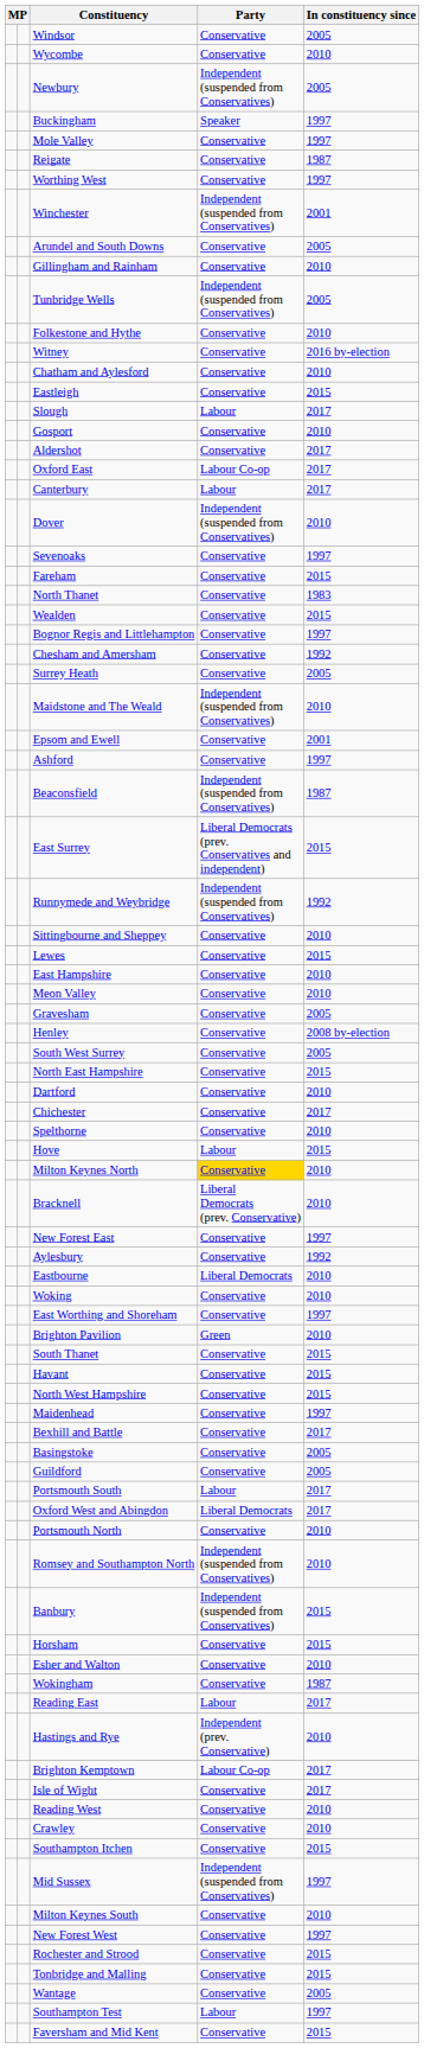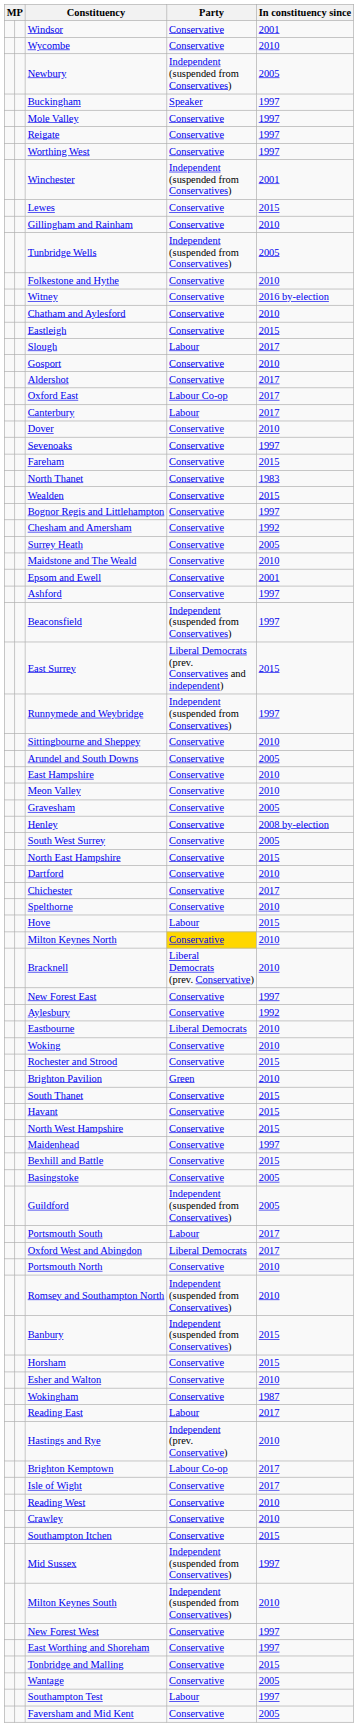 <table class="wikitable sortable">
 <tr>
 <th colspan=2>MP</th>
 <th>Constituency</th>
 <th>Party</th>
 <th>In constituency since</th>
 </tr>
 <tr>
 <td style="background-color: "></td>
 <td></td>
 <td><a href='#'>Windsor</a></td>
 <td><a href='#'>Conservative</a></td>
-<td><a href='#'>2005</a></td>
+<td><a href='#'>2001</a></td>
 </tr>
 <tr>
 <td style="background-color: "></td>
 <td></td>
 <td><a href='#'>Wycombe</a></td>
 <td><a href='#'>Conservative</a></td>
 <td><a href='#'>2010</a></td>
 </tr>
 <tr>
 <td style="background-color: "></td>
 <td></td>
 <td><a href='#'>Newbury</a></td>
 <td><a href='#'>Independent</a><br>(suspended from<br><a href='#'>Conservatives</a>)</td>
 <td><a href='#'>2005</a></td>
 </tr>
 <tr>
 <td style="background-color: "></td>
 <td></td>
 <td><a href='#'>Buckingham</a></td>
 <td><a href='#'>Speaker</a></td>
 <td><a href='#'>1997</a></td>
 </tr>
 <tr>
 <td style="background-color: "></td>
 <td></td>
 <td><a href='#'>Mole Valley</a></td>
 <td><a href='#'>Conservative</a></td>
 <td><a href='#'>1997</a></td>
 </tr>
 <tr>
 <td style="background-color: "></td>
 <td></td>
 <td><a href='#'>Reigate</a></td>
 <td><a href='#'>Conservative</a></td>
-<td><a href='#'>1987</a></td>
+<td><a href='#'>1997</a></td>
 </tr>
 <tr>
 <td style="background-color: "></td>
 <td></td>
 <td><a href='#'>Worthing West</a></td>
 <td><a href='#'>Conservative</a></td>
 <td><a href='#'>1997</a></td>
 </tr>
 <tr>
 <td style="background-color: "></td>
 <td></td>
 <td><a href='#'>Winchester</a></td>
 <td><a href='#'>Independent</a><br>(suspended from<br><a href='#'>Conservatives</a>)</td>
 <td><a href='#'>2001</a></td>
 </tr>
 <tr>
 <td style="background-color: "></td>
 <td></td>
-<td><a href='#'>Arundel and South Downs</a></td>
+<td><a href='#'>Lewes</a></td>
 <td><a href='#'>Conservative</a></td>
-<td><a href='#'>2005</a></td>
+<td><a href='#'>2015</a></td>
 </tr>
 <tr>
 <td style="background-color: "></td>
 <td></td>
 <td><a href='#'>Gillingham and Rainham</a></td>
 <td><a href='#'>Conservative</a></td>
 <td><a href='#'>2010</a></td>
 </tr>
 <tr>
 <td style="background-color: "></td>
 <td></td>
 <td><a href='#'>Tunbridge Wells</a></td>
 <td><a href='#'>Independent</a><br>(suspended from<br><a href='#'>Conservatives</a>)</td>
 <td><a href='#'>2005</a></td>
 </tr>
 <tr>
 <td style="background-color: "></td>
 <td></td>
 <td><a href='#'>Folkestone and Hythe</a></td>
 <td><a href='#'>Conservative</a></td>
 <td><a href='#'>2010</a></td>
 </tr>
 <tr>
 <td style="background-color: "></td>
 <td></td>
 <td><a href='#'>Witney</a></td>
 <td><a href='#'>Conservative</a></td>
 <td><a href='#'>2016 by-election</a></td>
 </tr>
 <tr>
 <td style="background-color: "></td>
 <td></td>
 <td><a href='#'>Chatham and Aylesford</a></td>
 <td><a href='#'>Conservative</a></td>
 <td><a href='#'>2010</a></td>
 </tr>
 <tr>
 <td style="background-color: "></td>
 <td></td>
 <td><a href='#'>Eastleigh</a></td>
 <td><a href='#'>Conservative</a></td>
 <td><a href='#'>2015</a></td>
 </tr>
 <tr>
 <td style="background-color: "></td>
 <td></td>
 <td><a href='#'>Slough</a></td>
 <td><a href='#'>Labour</a></td>
 <td><a href='#'>2017</a></td>
 </tr>
 <tr>
 <td style="background-color: "></td>
 <td></td>
 <td><a href='#'>Gosport</a></td>
 <td><a href='#'>Conservative</a></td>
 <td><a href='#'>2010</a></td>
 </tr>
 <tr>
 <td style="background-color: "></td>
 <td></td>
 <td><a href='#'>Aldershot</a></td>
 <td><a href='#'>Conservative</a></td>
 <td><a href='#'>2017</a></td>
 </tr>
 <tr>
 <td style="background-color: "></td>
 <td></td>
 <td><a href='#'>Oxford East</a></td>
 <td><a href='#'>Labour Co-op</a></td>
 <td><a href='#'>2017</a></td>
 </tr>
 <tr>
 <td style="background-color: "></td>
 <td></td>
 <td><a href='#'>Canterbury</a></td>
 <td><a href='#'>Labour</a></td>
 <td><a href='#'>2017</a></td>
 </tr>
 <tr>
 <td style="background-color: "></td>
 <td></td>
 <td><a href='#'>Dover</a></td>
-<td><a href='#'>Independent</a><br>(suspended from<br><a href='#'>Conservatives</a>)</td>
+<td><a href='#'>Conservative</a></td>
 <td><a href='#'>2010</a></td>
 </tr>
 <tr>
 <td style="background-color: "></td>
 <td></td>
 <td><a href='#'>Sevenoaks</a></td>
 <td><a href='#'>Conservative</a></td>
 <td><a href='#'>1997</a></td>
 </tr>
 <tr>
 <td style="background-color: "></td>
 <td></td>
 <td><a href='#'>Fareham</a></td>
 <td><a href='#'>Conservative</a></td>
 <td><a href='#'>2015</a></td>
 </tr>
 <tr>
 <td style="background-color: "></td>
 <td></td>
 <td><a href='#'>North Thanet</a></td>
 <td><a href='#'>Conservative</a></td>
 <td><a href='#'>1983</a></td>
 </tr>
 <tr>
 <td style="background-color: "></td>
 <td></td>
 <td><a href='#'>Wealden</a></td>
 <td><a href='#'>Conservative</a></td>
 <td><a href='#'>2015</a></td>
 </tr>
 <tr>
 <td style="background-color: "></td>
 <td></td>
 <td><a href='#'>Bognor Regis and Littlehampton</a></td>
 <td><a href='#'>Conservative</a></td>
 <td><a href='#'>1997</a></td>
 </tr>
 <tr>
 <td style="background-color: "></td>
 <td></td>
 <td><a href='#'>Chesham and Amersham</a></td>
 <td><a href='#'>Conservative</a></td>
 <td><a href='#'>1992</a></td>
 </tr>
 <tr>
 <td style="background-color: "></td>
 <td></td>
 <td><a href='#'>Surrey Heath</a></td>
 <td><a href='#'>Conservative</a></td>
 <td><a href='#'>2005</a></td>
 </tr>
 <tr>
 <td style="background-color: "></td>
 <td></td>
 <td><a href='#'>Maidstone and The Weald</a></td>
-<td><a href='#'>Independent</a><br>(suspended from<br><a href='#'>Conservatives</a>)</td>
+<td><a href='#'>Conservative</a></td>
 <td><a href='#'>2010</a></td>
 </tr>
 <tr>
 <td style="background-color: "></td>
 <td></td>
 <td><a href='#'>Epsom and Ewell</a></td>
 <td><a href='#'>Conservative</a></td>
 <td><a href='#'>2001</a></td>
 </tr>
 <tr>
 <td style="background-color: "></td>
 <td></td>
 <td><a href='#'>Ashford</a></td>
 <td><a href='#'>Conservative</a></td>
 <td><a href='#'>1997</a></td>
 </tr>
 <tr>
 <td style="background-color: "></td>
 <td></td>
 <td><a href='#'>Beaconsfield</a></td>
 <td><a href='#'>Independent</a><br>(suspended from<br><a href='#'>Conservatives</a>)</td>
-<td><a href='#'>1987</a></td>
+<td><a href='#'>1997</a></td>
 </tr>
 <tr>
 <td style="background-color: "></td>
 <td></td>
 <td><a href='#'>East Surrey</a></td>
 <td><a href='#'>Liberal Democrats</a> <br>(prev.<br><a href='#'>Conservatives</a> and<br><a href='#'>independent</a>)</td>
 <td><a href='#'>2015</a></td>
 </tr>
 <tr>
 <td style="background-color: "></td>
 <td></td>
 <td><a href='#'>Runnymede and Weybridge</a></td>
 <td><a href='#'>Independent</a><br>(suspended from<br><a href='#'>Conservatives</a>)</td>
-<td><a href='#'>1992</a></td>
+<td><a href='#'>1997</a></td>
 </tr>
 <tr>
 <td style="background-color: "></td>
 <td></td>
 <td><a href='#'>Sittingbourne and Sheppey</a></td>
 <td><a href='#'>Conservative</a></td>
 <td><a href='#'>2010</a></td>
 </tr>
 <tr>
 <td style="background-color: "></td>
 <td></td>
-<td><a href='#'>Lewes</a></td>
+<td><a href='#'>Arundel and South Downs</a></td>
 <td><a href='#'>Conservative</a></td>
-<td><a href='#'>2015</a></td>
+<td><a href='#'>2005</a></td>
 </tr>
 <tr>
 <td style="background-color: "></td>
 <td></td>
 <td><a href='#'>East Hampshire</a></td>
 <td><a href='#'>Conservative</a></td>
 <td><a href='#'>2010</a></td>
 </tr>
 <tr>
 <td style="background-color: "></td>
 <td></td>
 <td><a href='#'>Meon Valley</a></td>
 <td><a href='#'>Conservative</a></td>
 <td><a href='#'>2010</a></td>
 </tr>
 <tr>
 <td style="background-color: "></td>
 <td></td>
 <td><a href='#'>Gravesham</a></td>
 <td><a href='#'>Conservative</a></td>
 <td><a href='#'>2005</a></td>
 </tr>
 <tr>
 <td style="background-color: "></td>
 <td></td>
 <td><a href='#'>Henley</a></td>
 <td><a href='#'>Conservative</a></td>
 <td><a href='#'>2008 by-election</a></td>
 </tr>
 <tr>
 <td style="background-color: "></td>
 <td></td>
 <td><a href='#'>South West Surrey</a></td>
 <td><a href='#'>Conservative</a></td>
 <td><a href='#'>2005</a></td>
 </tr>
 <tr>
 <td style="background-color: "></td>
 <td></td>
 <td><a href='#'>North East Hampshire</a></td>
 <td><a href='#'>Conservative</a></td>
 <td><a href='#'>2015</a></td>
 </tr>
 <tr>
 <td style="background-color: "></td>
 <td></td>
 <td><a href='#'>Dartford</a></td>
 <td><a href='#'>Conservative</a></td>
 <td><a href='#'>2010</a></td>
 </tr>
 <tr>
 <td style="background-color: "></td>
 <td></td>
 <td><a href='#'>Chichester</a></td>
 <td><a href='#'>Conservative</a></td>
 <td><a href='#'>2017</a></td>
 </tr>
 <tr>
 <td style="background-color: "></td>
 <td></td>
 <td><a href='#'>Spelthorne</a></td>
 <td><a href='#'>Conservative</a></td>
 <td><a href='#'>2010</a></td>
 </tr>
 <tr>
 <td style="background-color: "></td>
 <td></td>
 <td><a href='#'>Hove</a></td>
 <td><a href='#'>Labour</a></td>
 <td><a href='#'>2015</a></td>
 </tr>
 <tr>
 <td style="background-color: "></td>
 <td></td>
 <td><a href='#'>Milton Keynes North</a></td>
 <td style="background: gold;"><a href='#'>Conservative</a></td>
 <td><a href='#'>2010</a></td>
 </tr>
 <tr>
 <td style="background-color: "></td>
 <td></td>
 <td><a href='#'>Bracknell</a></td>
 <td><a href='#'>Liberal<br>Democrats</a><br>(prev. <a href='#'>Conservative</a>)</td>
 <td><a href='#'>2010</a></td>
 </tr>
 <tr>
 <td style="background-color: "></td>
 <td></td>
 <td><a href='#'>New Forest East</a></td>
 <td><a href='#'>Conservative</a></td>
 <td><a href='#'>1997</a></td>
 </tr>
 <tr>
 <td style="background-color: "></td>
 <td></td>
 <td><a href='#'>Aylesbury</a></td>
 <td><a href='#'>Conservative</a></td>
 <td><a href='#'>1992</a></td>
 </tr>
 <tr>
 <td style="background-color: "></td>
 <td></td>
 <td><a href='#'>Eastbourne</a></td>
 <td><a href='#'>Liberal Democrats</a></td>
 <td><a href='#'>2010</a></td>
 </tr>
 <tr>
 <td style="background-color: "></td>
 <td></td>
 <td><a href='#'>Woking</a></td>
 <td><a href='#'>Conservative</a></td>
 <td><a href='#'>2010</a></td>
 </tr>
 <tr>
 <td style="background-color: "></td>
 <td></td>
-<td><a href='#'>East Worthing and Shoreham</a></td>
+<td><a href='#'>Rochester and Strood</a></td>
 <td><a href='#'>Conservative</a></td>
-<td><a href='#'>1997</a></td>
+<td><a href='#'>2015</a></td>
 </tr>
 <tr>
 <td style="background-color: "></td>
 <td></td>
 <td><a href='#'>Brighton Pavilion</a></td>
 <td><a href='#'>Green</a></td>
 <td><a href='#'>2010</a></td>
 </tr>
 <tr>
 <td style="background-color: "></td>
 <td></td>
 <td><a href='#'>South Thanet</a></td>
 <td><a href='#'>Conservative</a></td>
 <td><a href='#'>2015</a></td>
 </tr>
 <tr>
 <td style="background-color: "></td>
 <td></td>
 <td><a href='#'>Havant</a></td>
 <td><a href='#'>Conservative</a></td>
 <td><a href='#'>2015</a></td>
 </tr>
 <tr>
 <td style="background-color: "></td>
 <td></td>
 <td><a href='#'>North West Hampshire</a></td>
 <td><a href='#'>Conservative</a></td>
 <td><a href='#'>2015</a></td>
 </tr>
 <tr>
 <td style="background-color: "></td>
 <td></td>
 <td><a href='#'>Maidenhead</a></td>
 <td><a href='#'>Conservative</a></td>
 <td><a href='#'>1997</a></td>
 </tr>
 <tr>
 <td style="background-color: "></td>
 <td></td>
 <td><a href='#'>Bexhill and Battle</a></td>
 <td><a href='#'>Conservative</a></td>
-<td><a href='#'>2017</a></td>
+<td><a href='#'>2015</a></td>
 </tr>
 <tr>
 <td style="background-color: "></td>
 <td></td>
 <td><a href='#'>Basingstoke</a></td>
 <td><a href='#'>Conservative</a></td>
 <td><a href='#'>2005</a></td>
 </tr>
 <tr>
 <td style="background-color: "></td>
 <td></td>
 <td><a href='#'>Guildford</a></td>
-<td><a href='#'>Conservative</a></td>
+<td><a href='#'>Independent</a><br>(suspended from<br><a href='#'>Conservatives</a>)</td>
 <td><a href='#'>2005</a></td>
 </tr>
 <tr>
 <td style="background-color: "></td>
 <td></td>
 <td><a href='#'>Portsmouth South</a></td>
 <td><a href='#'>Labour</a></td>
 <td><a href='#'>2017</a></td>
 </tr>
 <tr>
 <td style="background-color: "></td>
 <td></td>
 <td><a href='#'>Oxford West and Abingdon</a></td>
 <td><a href='#'>Liberal Democrats</a></td>
 <td><a href='#'>2017</a></td>
 </tr>
 <tr>
 <td style="background-color: "></td>
 <td></td>
 <td><a href='#'>Portsmouth North</a></td>
 <td><a href='#'>Conservative</a></td>
 <td><a href='#'>2010</a></td>
 </tr>
 <tr>
 <td style="background-color: "></td>
 <td></td>
 <td><a href='#'>Romsey and Southampton North</a></td>
 <td><a href='#'>Independent</a><br>(suspended from<br><a href='#'>Conservatives</a>)</td>
 <td><a href='#'>2010</a></td>
 </tr>
 <tr>
 <td style="background-color: "></td>
 <td></td>
 <td><a href='#'>Banbury</a></td>
 <td><a href='#'>Independent</a><br>(suspended from<br><a href='#'>Conservatives</a>)</td>
 <td><a href='#'>2015</a></td>
 </tr>
 <tr>
 <td style="background-color: "></td>
 <td></td>
 <td><a href='#'>Horsham</a></td>
 <td><a href='#'>Conservative</a></td>
 <td><a href='#'>2015</a></td>
 </tr>
 <tr>
 <td style="background-color: "></td>
 <td></td>
 <td><a href='#'>Esher and Walton</a></td>
 <td><a href='#'>Conservative</a></td>
 <td><a href='#'>2010</a></td>
 </tr>
 <tr>
 <td style="background-color: "></td>
 <td></td>
 <td><a href='#'>Wokingham</a></td>
 <td><a href='#'>Conservative</a></td>
 <td><a href='#'>1987</a></td>
 </tr>
 <tr>
 <td style="background-color: "></td>
 <td></td>
 <td><a href='#'>Reading East</a></td>
 <td><a href='#'>Labour</a></td>
 <td><a href='#'>2017</a></td>
 </tr>
 <tr>
 <td style="background-color: "></td>
 <td></td>
 <td><a href='#'>Hastings and Rye</a></td>
 <td><a href='#'>Independent</a><br>(prev.<br><a href='#'>Conservative</a>)</td>
 <td><a href='#'>2010</a></td>
 </tr>
 <tr>
 <td style="background-color: "></td>
 <td></td>
 <td><a href='#'>Brighton Kemptown</a></td>
 <td><a href='#'>Labour Co-op</a></td>
 <td><a href='#'>2017</a></td>
 </tr>
 <tr>
 <td style="background-color: "></td>
 <td></td>
 <td><a href='#'>Isle of Wight</a></td>
 <td><a href='#'>Conservative</a></td>
 <td><a href='#'>2017</a></td>
 </tr>
 <tr>
 <td style="background-color: "></td>
 <td></td>
 <td><a href='#'>Reading West</a></td>
 <td><a href='#'>Conservative</a></td>
 <td><a href='#'>2010</a></td>
 </tr>
 <tr>
 <td style="background-color: "></td>
 <td></td>
 <td><a href='#'>Crawley</a></td>
 <td><a href='#'>Conservative</a></td>
 <td><a href='#'>2010</a></td>
 </tr>
 <tr>
 <td style="background-color: "></td>
 <td></td>
 <td><a href='#'>Southampton Itchen</a></td>
 <td><a href='#'>Conservative</a></td>
 <td><a href='#'>2015</a></td>
 </tr>
 <tr>
 <td style="background-color: "></td>
 <td></td>
 <td><a href='#'>Mid Sussex</a></td>
 <td><a href='#'>Independent</a><br>(suspended from<br><a href='#'>Conservatives</a>)</td>
 <td><a href='#'>1997</a></td>
 </tr>
 <tr>
 <td style="background-color: "></td>
 <td></td>
 <td><a href='#'>Milton Keynes South</a></td>
-<td><a href='#'>Conservative</a></td>
+<td><a href='#'>Independent</a><br>(suspended from<br><a href='#'>Conservatives</a>)</td>
 <td><a href='#'>2010</a></td>
 </tr>
 <tr>
 <td style="background-color: "></td>
 <td></td>
 <td><a href='#'>New Forest West</a></td>
 <td><a href='#'>Conservative</a></td>
 <td><a href='#'>1997</a></td>
 </tr>
 <tr>
 <td style="background-color: "></td>
 <td></td>
-<td><a href='#'>Rochester and Strood</a></td>
+<td><a href='#'>East Worthing and Shoreham</a></td>
 <td><a href='#'>Conservative</a></td>
-<td><a href='#'>2015</a></td>
+<td><a href='#'>1997</a></td>
 </tr>
 <tr>
 <td style="background-color: "></td>
 <td></td>
 <td><a href='#'>Tonbridge and Malling</a></td>
 <td><a href='#'>Conservative</a></td>
 <td><a href='#'>2015</a></td>
 </tr>
 <tr>
 <td style="background-color: "></td>
 <td></td>
 <td><a href='#'>Wantage</a></td>
 <td><a href='#'>Conservative</a></td>
 <td><a href='#'>2005</a></td>
 </tr>
 <tr>
 <td style="background-color: "></td>
 <td></td>
 <td><a href='#'>Southampton Test</a></td>
 <td><a href='#'>Labour</a></td>
 <td><a href='#'>1997</a></td>
 </tr>
 <tr>
 <td style="background-color: "></td>
 <td></td>
 <td><a href='#'>Faversham and Mid Kent</a></td>
 <td><a href='#'>Conservative</a></td>
-<td><a href='#'>2015</a></td>
+<td><a href='#'>2005</a></td>
 </tr>
 </table>
